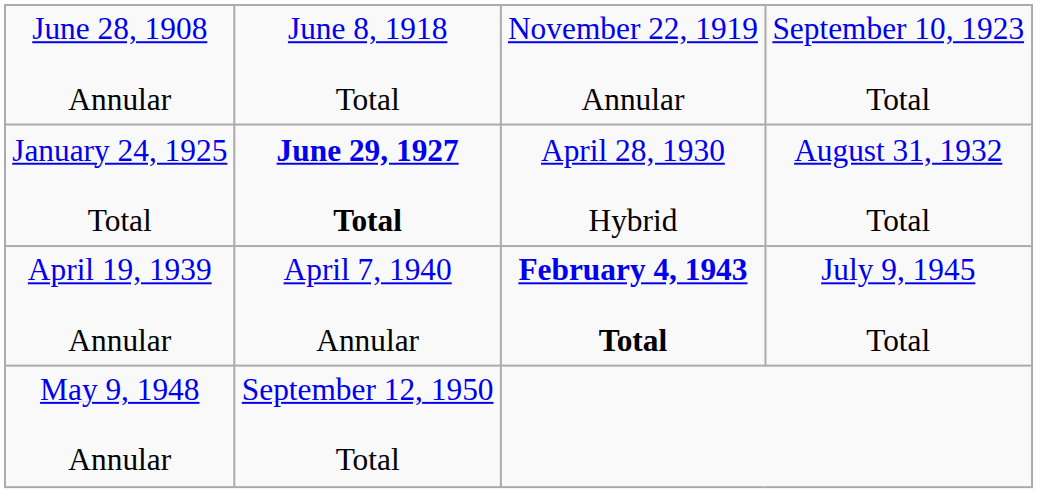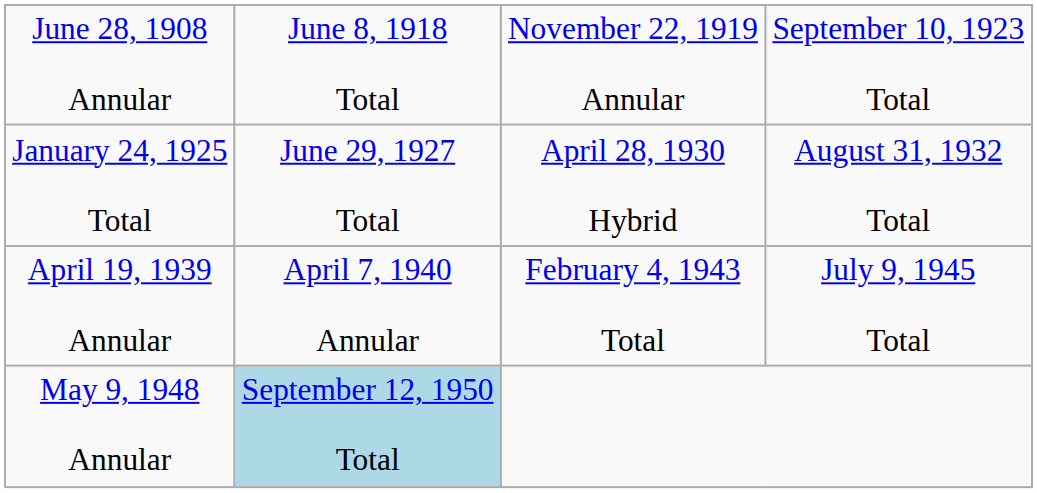 <table class="wikitable sortable">
 <tr align=center>
 <td><a href='#'>June 28, 1908</a><br><br>Annular</td>
 <td><a href='#'>June 8, 1918</a><br><br>Total</td>
 <td><a href='#'>November 22, 1919</a><br><br>Annular</td>
 <td><a href='#'>September 10, 1923</a><br><br>Total</td>
 </tr>
 <tr align=center>
 <td><a href='#'>January 24, 1925</a><br><br>Total</td>
-<td><strong><a href='#'>June 29, 1927</a><br><br>Total</strong></td>
+<td><a href='#'>June 29, 1927</a><br><br>Total</td>
 <td><a href='#'>April 28, 1930</a><br><br>Hybrid</td>
 <td><a href='#'>August 31, 1932</a><br><br>Total</td>
 </tr>
 <tr align=center>
 <td><a href='#'>April 19, 1939</a><br><br>Annular</td>
 <td><a href='#'>April 7, 1940</a><br><br>Annular</td>
-<td><strong><a href='#'>February 4, 1943</a><br><br>Total</strong></td>
+<td><a href='#'>February 4, 1943</a><br><br>Total</td>
 <td><a href='#'>July 9, 1945</a><br><br>Total</td>
 </tr>
 <tr align=center>
 <td><a href='#'>May 9, 1948</a><br><br>Annular</td>
-<td><a href='#'>September 12, 1950</a><br><br>Total</td>
+<td style="background: lightblue;"><a href='#'>September 12, 1950</a><br><br>Total</td>
 </tr>
 </table>
